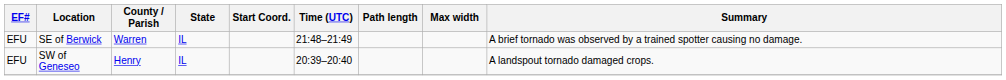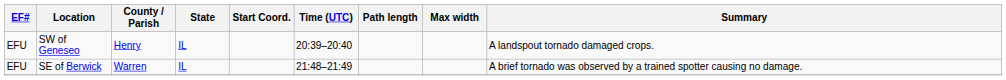 <table class="wikitable sortable" style="width:100%;">
 <tr>
 <th scope="col"  style="width:3%; text-align:center;"><a href='#'>EF#</a></th>
 <th scope="col"  style="width:7%; text-align:center;" class="unsortable">Location</th>
 <th scope="col"  style="width:6%; text-align:center;" class="unsortable">County / Parish</th>
 <th scope="col"  style="width:5%; text-align:center;">State</th>
 <th scope="col"  style="width:6%; text-align:center;">Start Coord.</th>
 <th scope="col"  style="width:6%; text-align:center;">Time (<a href='#'>UTC</a>)</th>
 <th scope="col"  style="width:6%; text-align:center;">Path length</th>
 <th scope="col"  style="width:6%; text-align:center;">Max width</th>
 <th scope="col" class="unsortable" style="width:48%; text-align:center;">Summary</th>
 </tr>
 <tr>
 <td>EFU</td>
+<td>SW of <a href='#'>Geneseo</a></td>
+<td><a href='#'>Henry</a></td>
+<td><a href='#'>IL</a></td>
+<td></td>
+<td>20:39–20:40</td>
+<td></td>
+<td></td>
+<td>A landspout tornado damaged crops.</td>
+</tr>
+<tr>
+<td>EFU</td>
 <td>SE of <a href='#'>Berwick</a></td>
 <td><a href='#'>Warren</a></td>
 <td><a href='#'>IL</a></td>
 <td></td>
 <td>21:48–21:49</td>
 <td></td>
 <td></td>
 <td>A brief tornado was observed by a trained spotter causing no damage.</td>
 </tr>
 <tr>
-<td>EFU</td>
-<td>SW of <a href='#'>Geneseo</a></td>
-<td><a href='#'>Henry</a></td>
-<td><a href='#'>IL</a></td>
-<td></td>
-<td>20:39–20:40</td>
-<td></td>
-<td></td>
-<td>A landspout tornado damaged crops.</td>
-</tr>
-<tr>
 </tr>
 </table>
